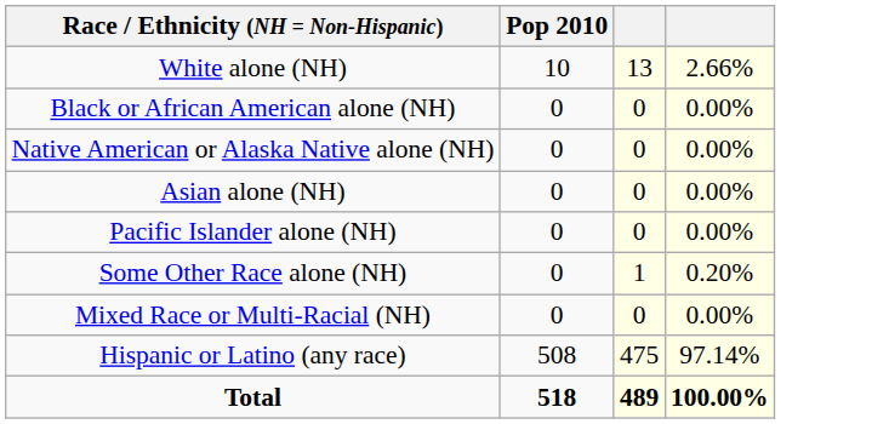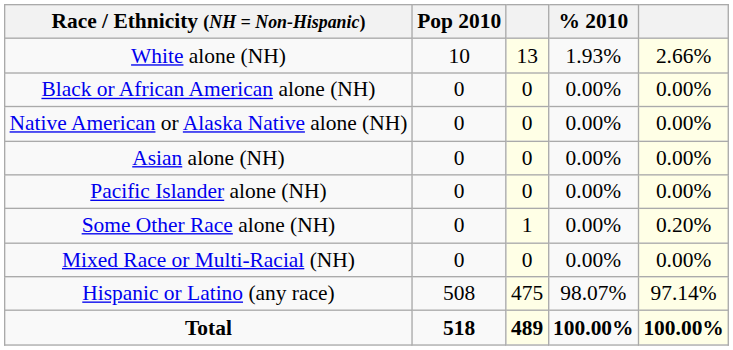 <table class="wikitable" style="text-align:center;">
 <tr>
 <th>Race / Ethnicity <small>(<em>NH = Non-Hispanic</em>)</small></th>
 <th>Pop 2010</th>
 <th></th>
+<th>% 2010</th>
 <th></th>
 </tr>
 <tr>
 <td><a href='#'>White</a> alone (NH)</td>
 <td>10</td>
 <td style='background: #ffffe6;'>13</td>
+<td>1.93%</td>
 <td style='background: #ffffe6;'>2.66%</td>
 </tr>
 <tr>
 <td><a href='#'>Black or African American</a> alone (NH)</td>
 <td>0</td>
 <td style='background: #ffffe6;'>0</td>
+<td>0.00%</td>
 <td style='background: #ffffe6;'>0.00%</td>
 </tr>
 <tr>
 <td><a href='#'>Native American</a> or <a href='#'>Alaska Native</a> alone (NH)</td>
 <td>0</td>
 <td style='background: #ffffe6;'>0</td>
+<td>0.00%</td>
 <td style='background: #ffffe6;'>0.00%</td>
 </tr>
 <tr>
 <td><a href='#'>Asian</a> alone (NH)</td>
 <td>0</td>
 <td style='background: #ffffe6;'>0</td>
+<td>0.00%</td>
 <td style='background: #ffffe6;'>0.00%</td>
 </tr>
 <tr>
 <td><a href='#'>Pacific Islander</a> alone (NH)</td>
 <td>0</td>
 <td style='background: #ffffe6;'>0</td>
+<td>0.00%</td>
 <td style='background: #ffffe6;'>0.00%</td>
 </tr>
 <tr>
 <td><a href='#'>Some Other Race</a> alone (NH)</td>
 <td>0</td>
 <td style='background: #ffffe6;'>1</td>
+<td>0.00%</td>
 <td style='background: #ffffe6;'>0.20%</td>
 </tr>
 <tr>
 <td><a href='#'>Mixed Race or Multi-Racial</a> (NH)</td>
 <td>0</td>
 <td style='background: #ffffe6;'>0</td>
+<td>0.00%</td>
 <td style='background: #ffffe6;'>0.00%</td>
 </tr>
 <tr>
 <td><a href='#'>Hispanic or Latino</a> (any race)</td>
 <td>508</td>
 <td style='background: #ffffe6;'>475</td>
+<td>98.07%</td>
 <td style='background: #ffffe6;'>97.14%</td>
 </tr>
 <tr>
 <td><strong>Total</strong></td>
 <td><strong>518</strong></td>
 <td style='background: #ffffe6;'><strong>489</strong></td>
+<td><strong>100.00%</strong></td>
 <td style='background: #ffffe6;'><strong>100.00%</strong></td>
 </tr>
 </table>
